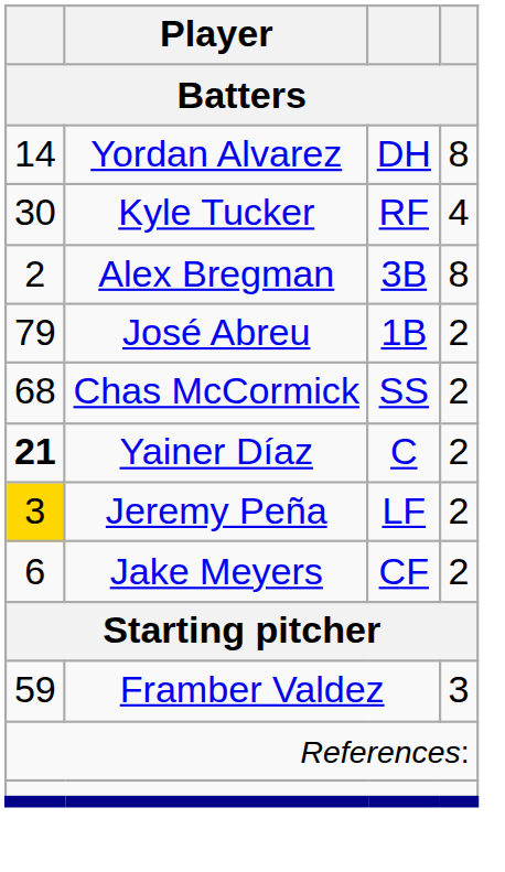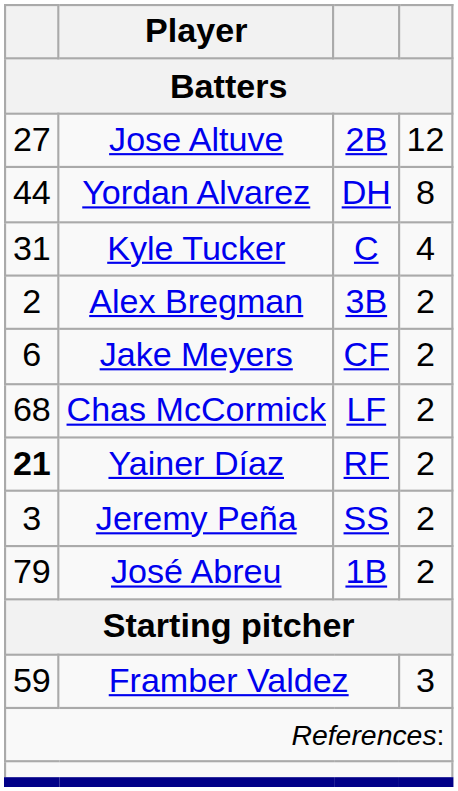 <table class="wikitable" style="text-align:center">
 <tr>
 <th></th>
 <th>Player</th>
 <th></th>
 <th></th>
 </tr>
 <tr>
 <th colspan="4">Batters</th>
 </tr>
 <tr>
-<td>14</td>
+<td>27</td>
+<td><a href='#'>Jose Altuve</a></td>
+<td><a href='#'>2B</a></td>
+<td>12</td>
+</tr>
+<tr>
+<td>44</td>
 <td><a href='#'>Yordan Alvarez</a></td>
 <td><a href='#'>DH</a></td>
 <td>8</td>
 </tr>
 <tr>
-<td>30</td>
+<td>31</td>
 <td><a href='#'>Kyle Tucker</a></td>
-<td><a href='#'>RF</a></td>
+<td><a href='#'>C</a></td>
 <td>4</td>
 </tr>
 <tr>
 <td>2</td>
 <td><a href='#'>Alex Bregman</a></td>
 <td><a href='#'>3B</a></td>
-<td>8</td>
-</tr>
-<tr>
-<td>79</td>
-<td><a href='#'>José Abreu</a></td>
-<td><a href='#'>1B</a></td>
-<td>2</td>
-</tr>
-<tr>
-<td>68</td>
-<td><a href='#'>Chas McCormick</a></td>
-<td><a href='#'>SS</a></td>
-<td>2</td>
-</tr>
-<tr>
-<td><strong>21</strong></td>
-<td><a href='#'>Yainer Díaz</a></td>
-<td><a href='#'>C</a></td>
-<td>2</td>
-</tr>
-<tr>
-<td style="background: gold;">3</td>
-<td><a href='#'>Jeremy Peña</a></td>
-<td><a href='#'>LF</a></td>
 <td>2</td>
 </tr>
 <tr>
 <td>6</td>
 <td><a href='#'>Jake Meyers</a></td>
 <td><a href='#'>CF</a></td>
+<td>2</td>
+</tr>
+<tr>
+<td>68</td>
+<td><a href='#'>Chas McCormick</a></td>
+<td><a href='#'>LF</a></td>
+<td>2</td>
+</tr>
+<tr>
+<td><strong>21</strong></td>
+<td><a href='#'>Yainer Díaz</a></td>
+<td><a href='#'>RF</a></td>
+<td>2</td>
+</tr>
+<tr>
+<td>3</td>
+<td><a href='#'>Jeremy Peña</a></td>
+<td><a href='#'>SS</a></td>
+<td>2</td>
+</tr>
+<tr>
+<td>79</td>
+<td><a href='#'>José Abreu</a></td>
+<td><a href='#'>1B</a></td>
 <td>2</td>
 </tr>
 <tr>
 <th colspan="4">Starting pitcher</th>
 </tr>
 <tr>
 <td>59</td>
 <td colspan="2"><a href='#'>Framber Valdez</a></td>
 <td>3</td>
 </tr>
 <tr>
 <td style="text-align:right"; colspan="4"><small><em>References</em>:</small></td>
 </tr>
 <tr>
 <td style="border-bottom:#020088 5px solid;" colspan="4"></td>
 </tr>
 </table>
